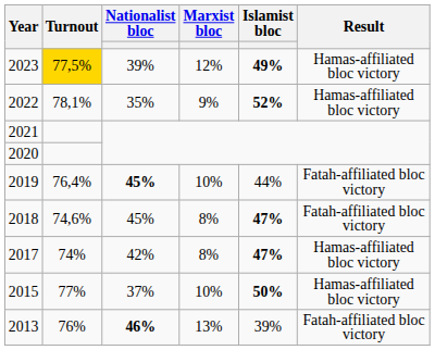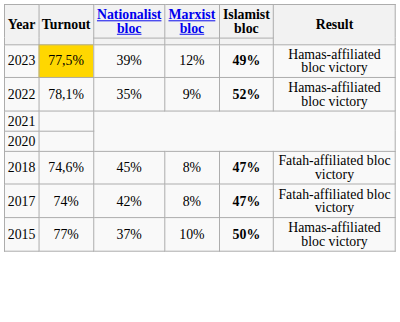 <table class="wikitable sortable collapsible mw-datatable" style="text-align:center; font-size:90%; line-height:14px;">
 <tr>
 <th rowspan="2">Year</th>
 <th rowspan="2">Turnout</th>
 <th class="unsortable" style="width:50px;"><a href='#'>Nationalist bloc</a></th>
 <th class="unsortable" style="width:50px;"><a href='#'>Marxist bloc</a></th>
 <th class="unsortable" style="width:50px;">Islamist bloc</th>
 <th rowspan="2" style="width:120px;" data-sort-type="number">Result</th>
 </tr>
 <tr>
 <th data-sort-type="number" style="background:"></th>
 <th data-sort-type="number" style="background:"></th>
 <th data-sort-type="number" style="background:"></th>
 </tr>
 <tr>
 <td>2023</td>
 <td style="background: gold;">77,5%</td>
 <td>39%</td>
 <td>12%</td>
 <td style="background:"><strong>49%</strong></td>
 <td style="background:">Hamas-affiliated bloc victory</td>
 </tr>
 <tr>
 <td>2022</td>
 <td>78,1%</td>
 <td>35%</td>
 <td>9%</td>
 <td style="background:"><strong>52%</strong></td>
 <td style="background:">Hamas-affiliated bloc victory</td>
 </tr>
 <tr>
 <td>2021</td>
 <td></td>
 </tr>
 <tr>
 <td>2020</td>
 <td></td>
 </tr>
 <tr>
-<td>2019</td>
-<td>76,4%</td>
-<td style="background:"><strong>45%</strong></td>
-<td>10%</td>
-<td>44%</td>
-<td style="background:">Fatah-affiliated bloc victory</td>
-</tr>
-<tr>
 <td>2018</td>
 <td>74,6%</td>
 <td>45%</td>
 <td>8%</td>
 <td style="background:"><strong>47%</strong></td>
 <td style="background:">Fatah-affiliated bloc victory</td>
 </tr>
 <tr>
 <td>2017</td>
 <td>74%</td>
 <td>42%</td>
 <td>8%</td>
 <td style="background:"><strong>47%</strong></td>
-<td style="background:">Hamas-affiliated bloc victory</td>
+<td style="background:">Fatah-affiliated bloc victory</td>
 </tr>
 <tr>
 <td>2015</td>
 <td>77%</td>
 <td>37%</td>
 <td>10%</td>
 <td style="background:"><strong>50%</strong></td>
 <td style="background:">Hamas-affiliated bloc victory</td>
 </tr>
-<tr>
-<td>2013</td>
-<td>76%</td>
-<td style="background:"><strong>46%</strong></td>
-<td>13%</td>
-<td>39%</td>
-<td style="background:">Fatah-affiliated bloc victory</td>
-</tr>
 </table>
